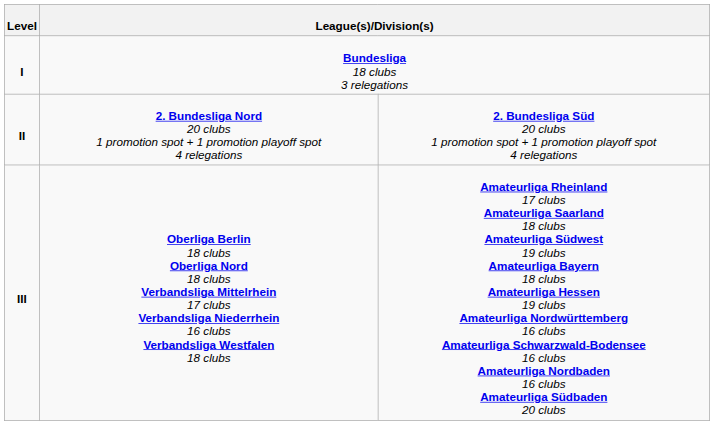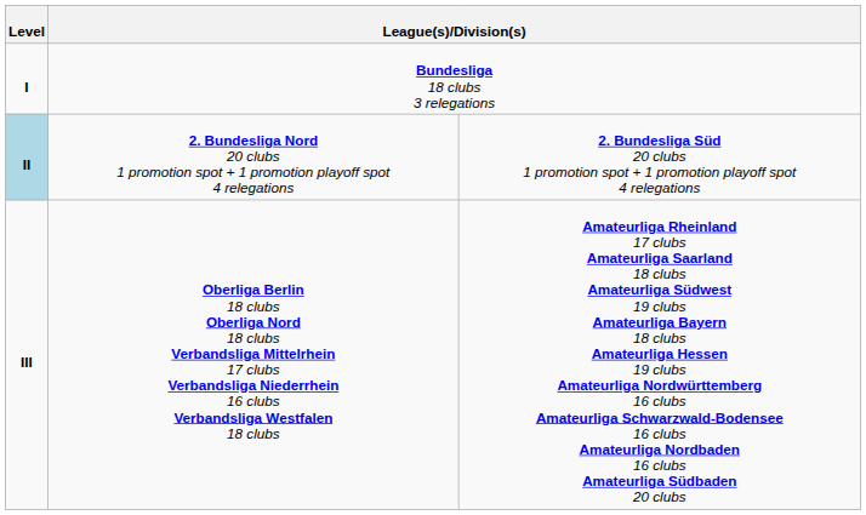 <table class="wikitable" style="text-align: center;">
 <tr>
 <th colspan="1" width="4%"><br>Level</th>
 <th colspan="10" width="96%"><br>League(s)/Division(s)</th>
 </tr>
 <tr>
 <td colspan="1" width="5%"><br><strong>I</strong></td>
 <td colspan="10" width="95%"><br><strong><a href='#'>Bundesliga</a></strong><br> <em>18 clubs</em><br> <em>3 relegations</em></td>
 </tr>
 <tr>
-<td colspan="1" width="5%"><br><strong>II</strong></td>
+<td colspan="1" width="5%" style="background: lightblue;"><br><strong>II</strong></td>
 <td colspan="5" width="48%"><br><strong><a href='#'>2. Bundesliga Nord</a></strong><br> <em>20 clubs</em><br> <em>1 promotion spot + 1 promotion playoff spot</em><br> <em>4 relegations</em></td>
 <td colspan="5" width="48%"><br><strong><a href='#'>2. Bundesliga Süd</a></strong><br> <em>20 clubs</em><br> <em>1 promotion spot + 1 promotion playoff spot</em><br> <em>4 relegations</em></td>
 </tr>
 <tr>
 <td colspan="1" width="5%"><br><strong>III</strong></td>
 <td colspan="5" width="48%"><br><strong><a href='#'>Oberliga Berlin</a></strong><br> <em>18 clubs</em><br> <strong><a href='#'>Oberliga Nord</a></strong><br> <em>18 clubs</em><br> <strong><a href='#'>Verbandsliga Mittelrhein</a></strong><br> <em>17 clubs</em><br> <strong><a href='#'>Verbandsliga Niederrhein</a></strong><br> <em>16 clubs</em><br> <strong><a href='#'>Verbandsliga Westfalen</a></strong><br> <em>18 clubs</em><br></td>
 <td colspan="5" width="48%"><br><strong><a href='#'>Amateurliga Rheinland</a></strong><br> <em>17 clubs</em><br> <strong><a href='#'>Amateurliga Saarland</a></strong><br> <em>18 clubs</em><br> <strong><a href='#'>Amateurliga Südwest</a></strong><br> <em>19 clubs</em><br> <strong><a href='#'>Amateurliga Bayern</a></strong><br> <em>18 clubs</em><br> <strong><a href='#'>Amateurliga Hessen</a></strong><br> <em>19 clubs</em><br> <strong><a href='#'>Amateurliga Nordwürttemberg</a></strong><br> <em>16 clubs</em><br> <strong><a href='#'>Amateurliga Schwarzwald-Bodensee</a></strong><br> <em>16 clubs</em><br> <strong><a href='#'>Amateurliga Nordbaden</a></strong><br> <em>16 clubs</em><br> <strong><a href='#'>Amateurliga Südbaden</a></strong><br> <em>20 clubs</em><br></td>
 </tr>
 </table>
